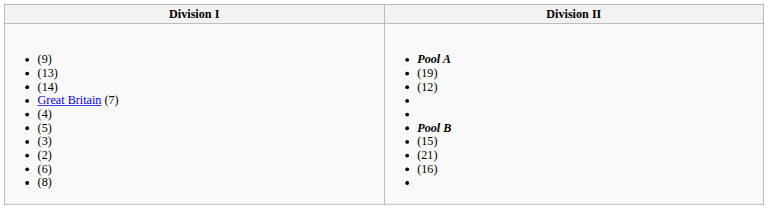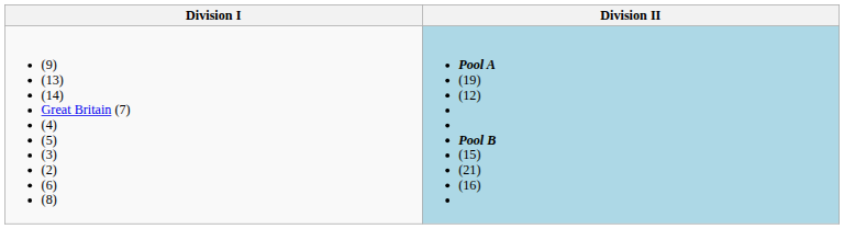 <table class="wikitable" style="width:1000px;">
 <tr>
 <th width=50%>Division I</th>
 <th width=50%>Division II</th>
 </tr>
 <tr style="vertical-align: top;">
 <td><br><ul><li> (9)</li><li> (13)</li><li> (14)</li><li> <a href='#'>Great Britain</a> (7)</li><li> (4)</li><li> (5)</li><li> (3)</li><li> (2)</li><li> (6)</li><li> (8)</li></ul></td>
-<td><br><ul><li><strong><em>Pool A</em></strong></li><li> (19)</li><li> (12)</li><li></li><li></li><li><strong><em>Pool B</em></strong></li><li> (15)</li><li> (21)</li><li> (16)</li><li></li></ul></td>
+<td style="background: lightblue;"><br><ul><li><strong><em>Pool A</em></strong></li><li> (19)</li><li> (12)</li><li></li><li></li><li><strong><em>Pool B</em></strong></li><li> (15)</li><li> (21)</li><li> (16)</li><li></li></ul></td>
 </tr>
 </table>
